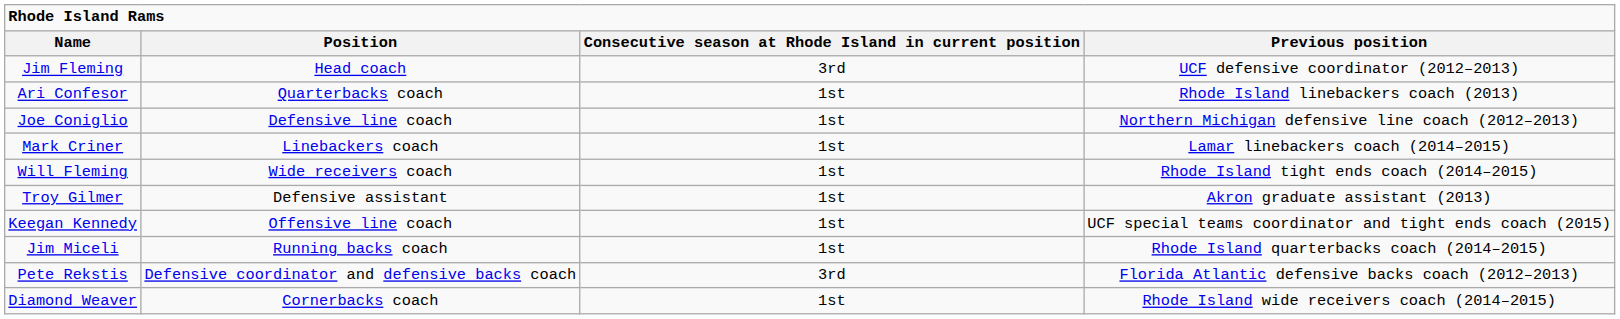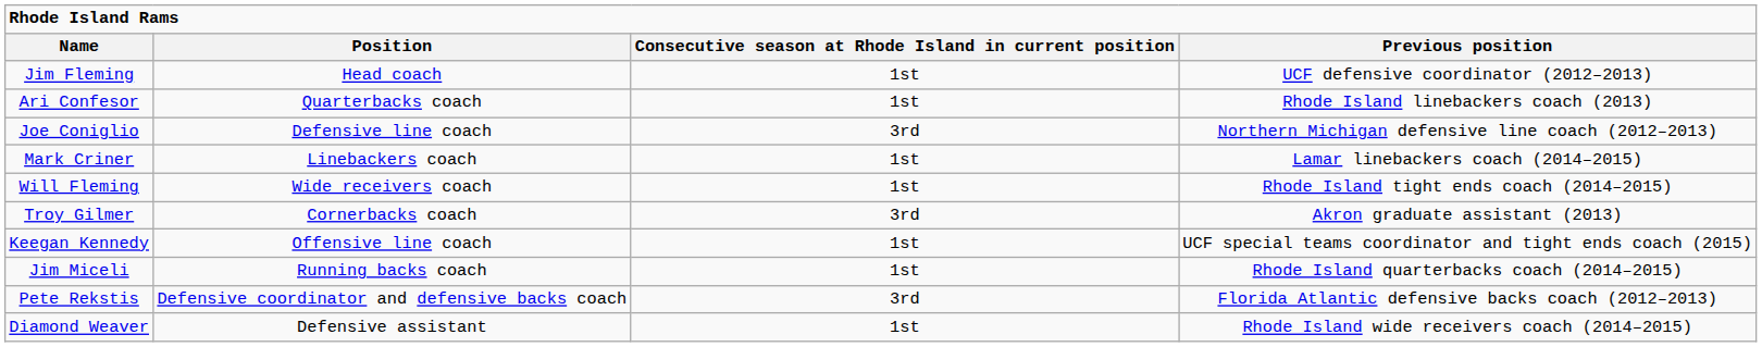 <table class="wikitable" style="font-size:90%;">
 <tr>
 <td colspan=5><strong>Rhode Island Rams</strong></td>
 </tr>
 <tr align="center";>
 <th>Name</th>
 <th>Position</th>
 <th>Consecutive season at Rhode Island in current position</th>
 <th>Previous position</th>
 </tr>
 <tr align="center" ;>
 <td><a href='#'>Jim Fleming</a></td>
 <td><a href='#'>Head coach</a></td>
-<td>3rd</td>
+<td>1st</td>
 <td><a href='#'>UCF</a> defensive coordinator (2012–2013)</td>
 </tr>
 <tr align="center" ;>
 <td><a href='#'>Ari Confesor</a></td>
 <td><a href='#'>Quarterbacks</a> coach</td>
 <td>1st</td>
 <td><a href='#'>Rhode Island</a> linebackers coach (2013)</td>
 </tr>
 <tr align="center" ;>
 <td><a href='#'>Joe Coniglio</a></td>
 <td><a href='#'>Defensive line</a> coach</td>
-<td>1st</td>
+<td>3rd</td>
 <td><a href='#'>Northern Michigan</a> defensive line coach (2012–2013)</td>
 </tr>
 <tr align="center" ;>
 <td><a href='#'>Mark Criner</a></td>
 <td><a href='#'>Linebackers</a> coach</td>
 <td>1st</td>
 <td><a href='#'>Lamar</a> linebackers coach (2014–2015)</td>
 </tr>
 <tr align="center" ;>
 <td><a href='#'>Will Fleming</a></td>
 <td><a href='#'>Wide receivers</a> coach</td>
 <td>1st</td>
 <td><a href='#'>Rhode Island</a> tight ends coach (2014–2015)</td>
 </tr>
 <tr align="center" ;>
 <td><a href='#'>Troy Gilmer</a></td>
-<td>Defensive assistant</td>
-<td>1st</td>
+<td><a href='#'>Cornerbacks</a> coach</td>
+<td>3rd</td>
 <td><a href='#'>Akron</a> graduate assistant (2013)</td>
 </tr>
 <tr align="center" ;>
 <td><a href='#'>Keegan Kennedy</a></td>
 <td><a href='#'>Offensive line</a> coach</td>
 <td>1st</td>
 <td>UCF special teams coordinator and tight ends coach (2015)</td>
 </tr>
 <tr align="center" ;>
 <td><a href='#'>Jim Miceli</a></td>
 <td><a href='#'>Running backs</a> coach</td>
 <td>1st</td>
 <td><a href='#'>Rhode Island</a> quarterbacks coach (2014–2015)</td>
 </tr>
 <tr align="center" ;>
 <td><a href='#'>Pete Rekstis</a></td>
 <td><a href='#'>Defensive coordinator</a> and <a href='#'>defensive backs</a> coach</td>
 <td>3rd</td>
 <td><a href='#'>Florida Atlantic</a> defensive backs coach (2012–2013)</td>
 </tr>
 <tr align="center" ;>
 <td><a href='#'>Diamond Weaver</a></td>
-<td><a href='#'>Cornerbacks</a> coach</td>
+<td>Defensive assistant</td>
 <td>1st</td>
 <td><a href='#'>Rhode Island</a> wide receivers coach (2014–2015)</td>
 </tr>
 </table>
